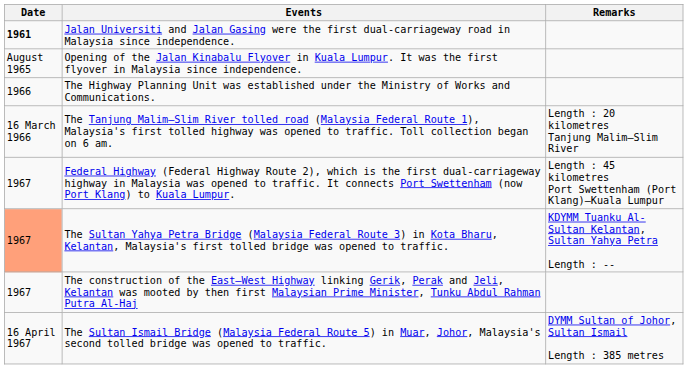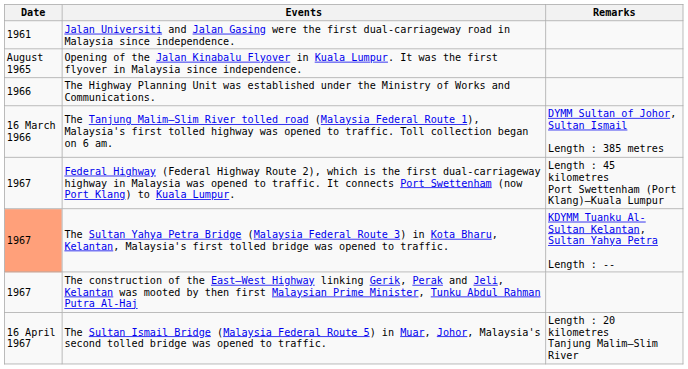 <table class="wikitable">
 <tr>
 <th>Date</th>
 <th>Events</th>
 <th>Remarks</th>
 </tr>
 <tr>
-<td><strong>1961</strong></td>
+<td>1961</td>
 <td><a href='#'>Jalan Universiti</a> and <a href='#'>Jalan Gasing</a> were the first dual-carriageway road in Malaysia since independence.</td>
 <td></td>
 </tr>
 <tr>
 <td>August 1965</td>
 <td>Opening of the <a href='#'>Jalan Kinabalu Flyover</a> in <a href='#'>Kuala Lumpur</a>. It was the first flyover in Malaysia since independence.</td>
 <td></td>
 </tr>
 <tr>
 <td>1966</td>
 <td>The Highway Planning Unit was established under the Ministry of Works and Communications.</td>
 <td></td>
 </tr>
 <tr>
 <td>16 March 1966</td>
 <td>The <a href='#'>Tanjung Malim–Slim River tolled road</a> (<a href='#'>Malaysia Federal Route 1</a>), Malaysia's first tolled highway was opened to traffic. Toll collection began on 6 am.</td>
-<td>Length : 20 kilometres<br>Tanjung Malim–Slim River</td>
+<td><a href='#'>DYMM Sultan of Johor</a>,<br><a href='#'>Sultan Ismail</a> <br><br>Length : 385 metres</td>
 </tr>
 <tr>
 <td>1967</td>
 <td><a href='#'>Federal Highway</a> (Federal Highway Route 2), which is the first dual-carriageway highway in Malaysia was opened to traffic. It connects <a href='#'>Port Swettenham</a> (now <a href='#'>Port Klang</a>) to <a href='#'>Kuala Lumpur</a>.</td>
 <td>Length : 45 kilometres<br>Port Swettenham (Port Klang)–Kuala Lumpur</td>
 </tr>
 <tr>
 <td style="background: lightsalmon;">1967</td>
 <td>The <a href='#'>Sultan Yahya Petra Bridge</a> (<a href='#'>Malaysia Federal Route 3</a>) in <a href='#'>Kota Bharu</a>, <a href='#'>Kelantan</a>, Malaysia's first tolled bridge was opened to traffic.</td>
 <td><a href='#'>KDYMM Tuanku Al-Sultan Kelantan</a>,<br><a href='#'>Sultan Yahya Petra</a><br><br>Length : --</td>
 </tr>
 <tr>
 <td>1967</td>
 <td>The construction of the <a href='#'>East–West Highway</a> linking <a href='#'>Gerik</a>, <a href='#'>Perak</a> and <a href='#'>Jeli</a>, <a href='#'>Kelantan</a> was mooted by then first <a href='#'>Malaysian Prime Minister</a>, <a href='#'>Tunku Abdul Rahman Putra Al-Haj</a></td>
 <td></td>
 </tr>
 <tr>
 <td>16 April 1967</td>
 <td>The <a href='#'>Sultan Ismail Bridge</a> (<a href='#'>Malaysia Federal Route 5</a>) in <a href='#'>Muar</a>, <a href='#'>Johor</a>, Malaysia's second tolled bridge was opened to traffic.</td>
-<td><a href='#'>DYMM Sultan of Johor</a>,<br><a href='#'>Sultan Ismail</a> <br><br>Length : 385 metres</td>
+<td>Length : 20 kilometres<br>Tanjung Malim–Slim River</td>
 </tr>
 </table>
